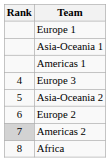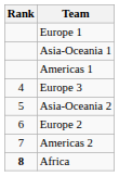 <table class="wikitable sortable" style="text-align:center">
 <tr>
 <th>Rank</th>
 <th>Team</th>
 </tr>
 <tr>
 <td></td>
 <td align="left">Europe 1</td>
 </tr>
 <tr>
 <td></td>
 <td align="left">Asia-Oceania 1</td>
 </tr>
 <tr>
 <td></td>
 <td align="left">Americas 1</td>
 </tr>
 <tr>
 <td>4</td>
 <td align="left">Europe 3</td>
 </tr>
 <tr>
 <td>5</td>
 <td align="left">Asia-Oceania 2</td>
 </tr>
 <tr>
 <td>6</td>
 <td align="left">Europe 2</td>
 </tr>
 <tr>
-<td style="background: lightgrey;">7</td>
+<td>7</td>
 <td align="left">Americas 2</td>
 </tr>
 <tr>
-<td>8</td>
+<td><strong>8</strong></td>
 <td align="left">Africa</td>
 </tr>
 </table>
